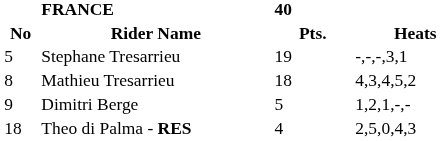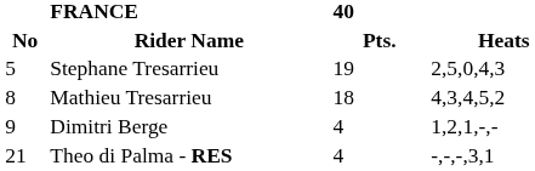 <table class="toccolours">
 <tr>
 <td></td>
 <td><strong>FRANCE</strong></td>
 <td><strong>40</strong></td>
 </tr>
 <tr style="background-color:">
 <th width=30px>No</th>
 <th width=210px>Rider Name</th>
 <th width=70px>Pts.</th>
 <th width=110px>Heats</th>
 </tr>
 <tr style="background-color:">
 <td>5</td>
 <td>Stephane Tresarrieu</td>
 <td>19</td>
-<td>-,-,-,3,1</td>
+<td>2,5,0,4,3</td>
 </tr>
 <tr style="background-color:">
 <td>8</td>
 <td>Mathieu Tresarrieu</td>
 <td>18</td>
 <td>4,3,4,5,2</td>
 </tr>
 <tr style="background-color:">
 <td>9</td>
 <td>Dimitri Berge</td>
-<td>5</td>
+<td>4</td>
 <td>1,2,1,-,-</td>
 </tr>
 <tr style="background-color:">
-<td>18</td>
+<td>21</td>
 <td>Theo di Palma - <strong>RES</strong></td>
 <td>4</td>
-<td>2,5,0,4,3</td>
+<td>-,-,-,3,1</td>
 </tr>
 </table>
